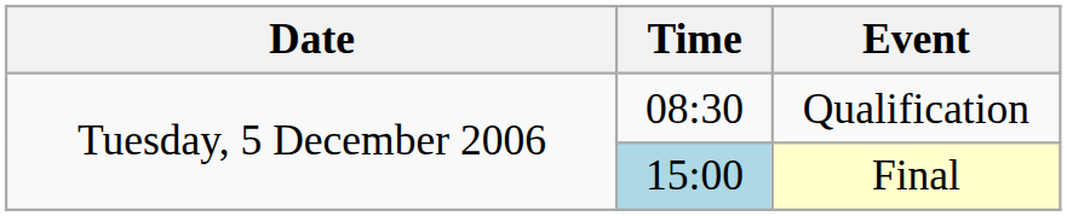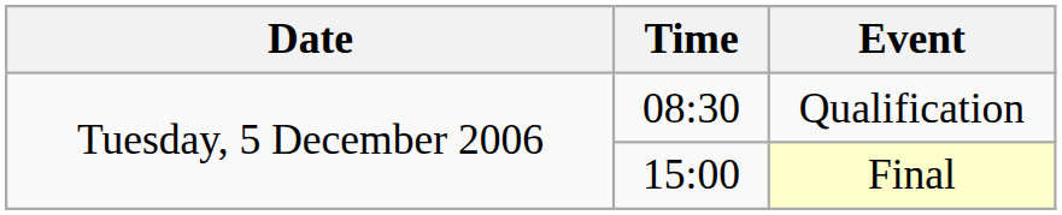 <table class = "wikitable" style="text-align:center;">
 <tr>
 <th width=220>Date</th>
 <th width=50>Time</th>
 <th width=100>Event</th>
 </tr>
 <tr>
 <td rowspan=2>Tuesday, 5 December 2006</td>
 <td>08:30</td>
 <td>Qualification</td>
 </tr>
 <tr>
-<td style="background: lightblue;">15:00</td>
+<td>15:00</td>
 <td bgcolor=ffffcc>Final</td>
 </tr>
 </table>
